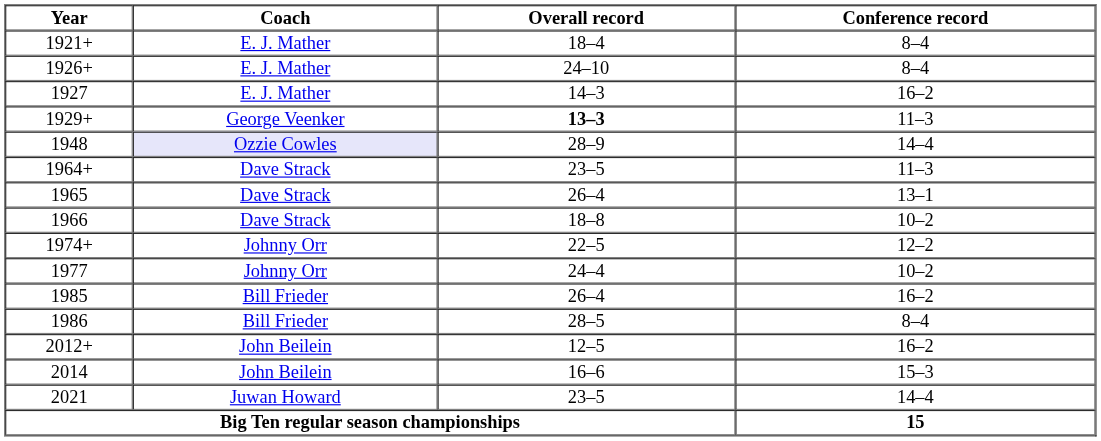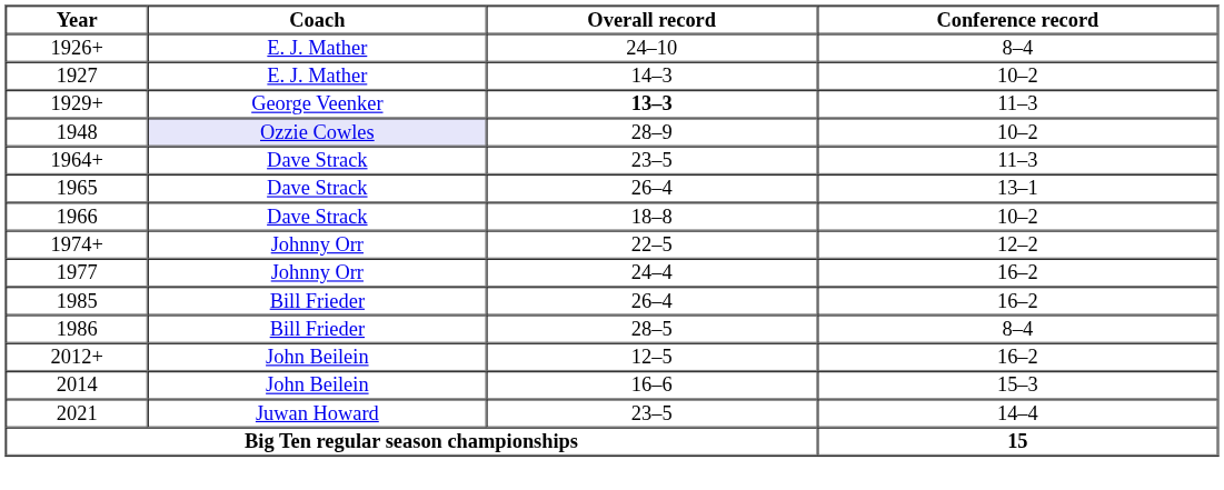 <table cellpadding="1" border="1" cellspacing="0" width="60%" style="text-align:center;">
 <tr>
 <th>Year</th>
 <th>Coach</th>
 <th>Overall record</th>
 <th>Conference record</th>
-</tr>
-<tr>
-<td>1921+</td>
-<td><a href='#'>E. J. Mather</a></td>
-<td>18–4</td>
-<td>8–4</td>
 </tr>
 <tr>
 <td>1926+</td>
 <td><a href='#'>E. J. Mather</a></td>
 <td>24–10</td>
 <td>8–4</td>
 </tr>
 <tr>
 <td>1927</td>
 <td><a href='#'>E. J. Mather</a></td>
 <td>14–3</td>
-<td>16–2</td>
+<td>10–2</td>
 </tr>
 <tr>
 <td>1929+</td>
 <td><a href='#'>George Veenker</a></td>
 <td><strong>13–3</strong></td>
 <td>11–3</td>
 </tr>
 <tr>
 <td>1948</td>
 <td style="background: lavender;"><a href='#'>Ozzie Cowles</a></td>
 <td>28–9</td>
-<td>14–4</td>
+<td>10–2</td>
 </tr>
 <tr>
 <td>1964+</td>
 <td><a href='#'>Dave Strack</a></td>
 <td>23–5</td>
 <td>11–3</td>
 </tr>
 <tr>
 <td>1965</td>
 <td><a href='#'>Dave Strack</a></td>
 <td>26–4</td>
 <td>13–1</td>
 </tr>
 <tr>
 <td>1966</td>
 <td><a href='#'>Dave Strack</a></td>
 <td>18–8</td>
 <td>10–2</td>
 </tr>
 <tr>
 <td>1974+</td>
 <td><a href='#'>Johnny Orr</a></td>
 <td>22–5</td>
 <td>12–2</td>
 </tr>
 <tr>
 <td>1977</td>
 <td><a href='#'>Johnny Orr</a></td>
 <td>24–4</td>
-<td>10–2</td>
+<td>16–2</td>
 </tr>
 <tr>
 <td>1985</td>
 <td><a href='#'>Bill Frieder</a></td>
 <td>26–4</td>
 <td>16–2</td>
 </tr>
 <tr>
 <td>1986</td>
 <td><a href='#'>Bill Frieder</a></td>
 <td>28–5</td>
 <td>8–4</td>
 </tr>
 <tr>
 <td>2012+</td>
 <td><a href='#'>John Beilein</a></td>
 <td>12–5</td>
 <td>16–2</td>
 </tr>
 <tr>
 <td>2014</td>
 <td><a href='#'>John Beilein</a></td>
 <td>16–6</td>
 <td>15–3</td>
 </tr>
 <tr>
 <td>2021</td>
 <td><a href='#'>Juwan Howard</a></td>
 <td>23–5</td>
 <td>14–4</td>
 </tr>
 <tr style="text-align:center; ">
 <td colspan="3"><strong>Big Ten regular season championships</strong></td>
 <td colspan="1"><strong>15</strong></td>
 </tr>
 </table>
